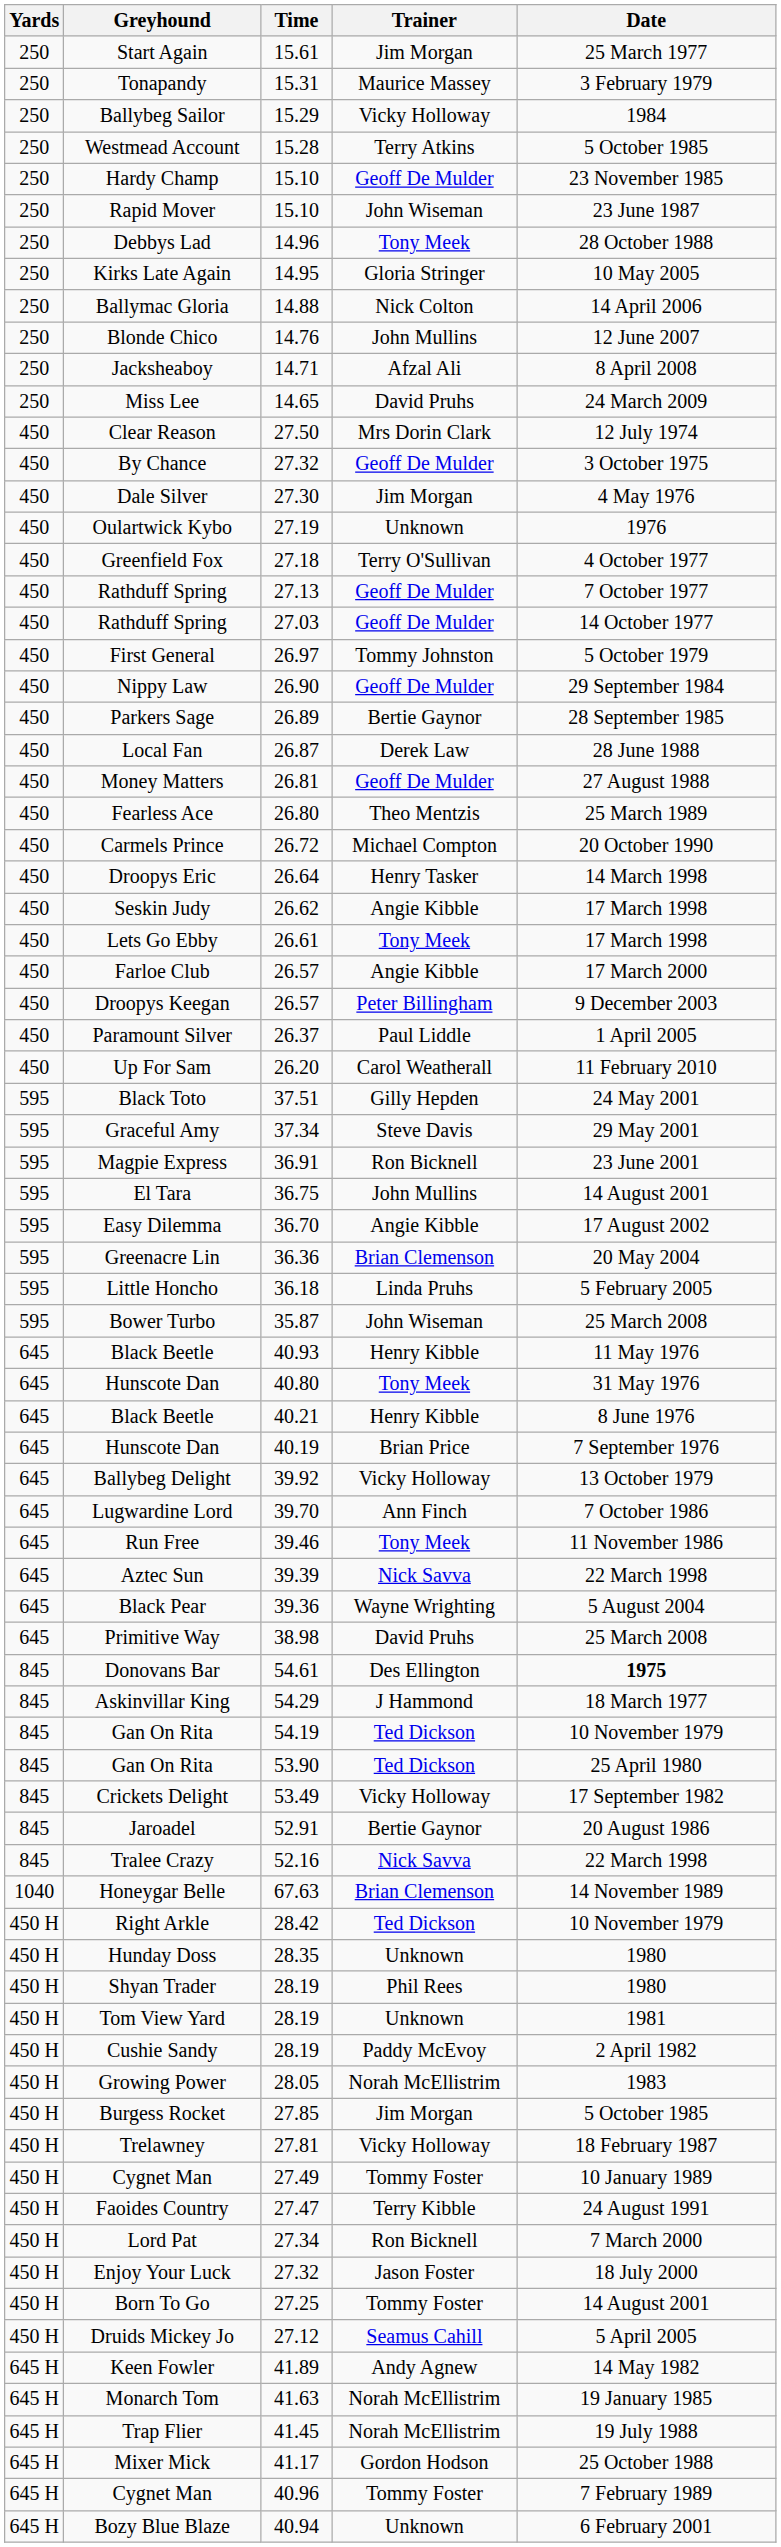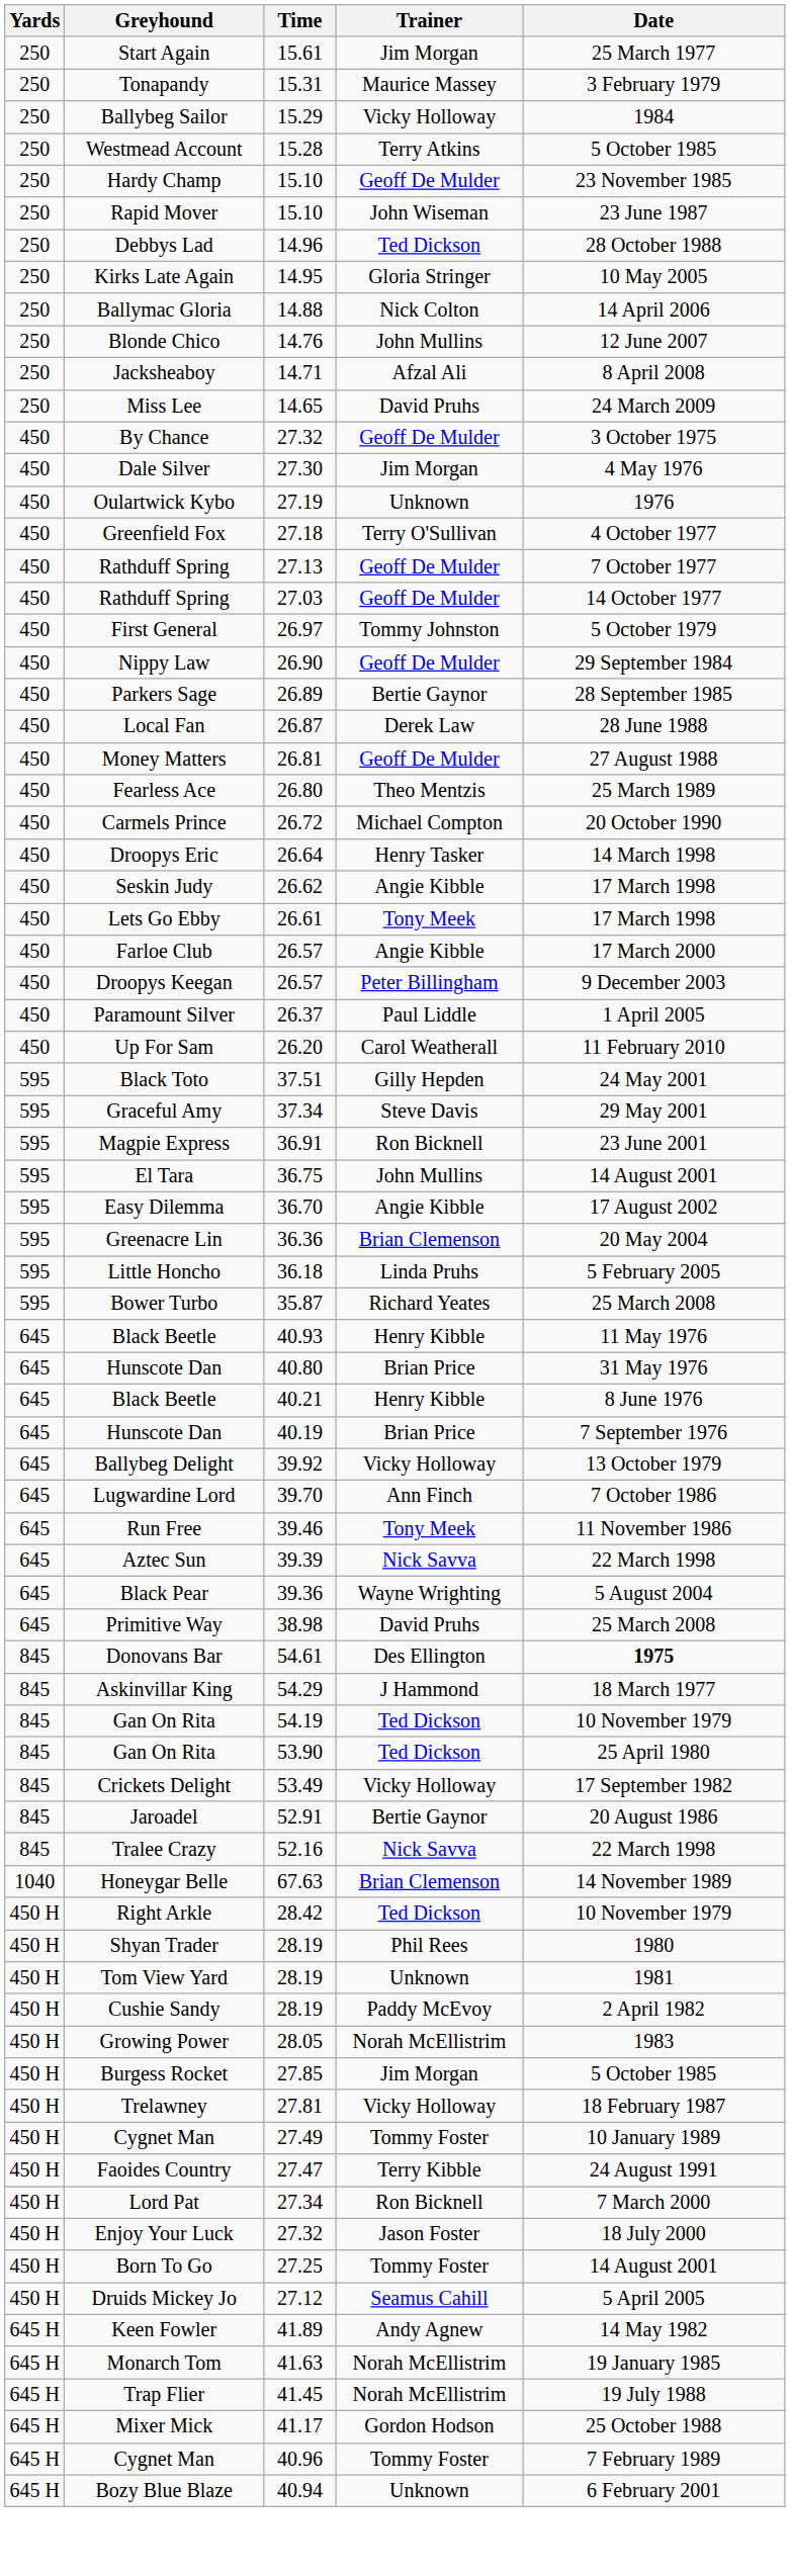 <table class="wikitable style=text-align:center">
 <tr>
 <th width=40>Yards</th>
 <th width=150>Greyhound</th>
 <th width=50>Time</th>
 <th width=140>Trainer</th>
 <th width=200>Date</th>
 </tr>
 <tr align=center>
 <td>250</td>
 <td>Start Again</td>
 <td>15.61</td>
 <td>Jim Morgan</td>
 <td>25 March 1977</td>
 </tr>
 <tr align=center>
 <td>250</td>
 <td>Tonapandy</td>
 <td>15.31</td>
 <td>Maurice Massey</td>
 <td>3 February 1979</td>
 </tr>
 <tr align=center>
 <td>250</td>
 <td>Ballybeg Sailor</td>
 <td>15.29</td>
 <td>Vicky Holloway</td>
 <td>1984</td>
 </tr>
 <tr align=center>
 <td>250</td>
 <td>Westmead Account</td>
 <td>15.28</td>
 <td>Terry Atkins</td>
 <td>5 October 1985</td>
 </tr>
 <tr align=center>
 <td>250</td>
 <td>Hardy Champ</td>
 <td>15.10</td>
 <td><a href='#'>Geoff De Mulder</a></td>
 <td>23 November 1985</td>
 </tr>
 <tr align=center>
 <td>250</td>
 <td>Rapid Mover</td>
 <td>15.10</td>
 <td>John Wiseman</td>
 <td>23 June 1987</td>
 </tr>
 <tr align=center>
 <td>250</td>
 <td>Debbys Lad</td>
 <td>14.96</td>
-<td><a href='#'>Tony Meek</a></td>
+<td><a href='#'>Ted Dickson</a></td>
 <td>28 October 1988</td>
 </tr>
 <tr align=center>
 <td>250</td>
 <td>Kirks Late Again</td>
 <td>14.95</td>
 <td>Gloria Stringer</td>
 <td>10 May 2005</td>
 </tr>
 <tr align=center>
 <td>250</td>
 <td>Ballymac Gloria</td>
 <td>14.88</td>
 <td>Nick Colton</td>
 <td>14 April 2006</td>
 </tr>
 <tr align=center>
 <td>250</td>
 <td>Blonde Chico</td>
 <td>14.76</td>
 <td>John Mullins</td>
 <td>12 June 2007</td>
 </tr>
 <tr align=center>
 <td>250</td>
 <td>Jacksheaboy</td>
 <td>14.71</td>
 <td>Afzal Ali</td>
 <td>8 April 2008</td>
 </tr>
 <tr align=center>
 <td>250</td>
 <td>Miss Lee</td>
 <td>14.65</td>
 <td>David Pruhs</td>
 <td>24 March 2009</td>
-</tr>
-<tr align=center>
-<td>450</td>
-<td>Clear Reason</td>
-<td>27.50</td>
-<td>Mrs Dorin Clark</td>
-<td>12 July 1974</td>
 </tr>
 <tr align=center>
 <td>450</td>
 <td>By Chance</td>
 <td>27.32</td>
 <td><a href='#'>Geoff De Mulder</a></td>
 <td>3 October 1975</td>
 </tr>
 <tr align=center>
 <td>450</td>
 <td>Dale Silver</td>
 <td>27.30</td>
 <td>Jim Morgan</td>
 <td>4 May 1976</td>
 </tr>
 <tr align=center>
 <td>450</td>
 <td>Oulartwick Kybo</td>
 <td>27.19</td>
 <td>Unknown</td>
 <td>1976</td>
 </tr>
 <tr align=center>
 <td>450</td>
 <td>Greenfield Fox</td>
 <td>27.18</td>
 <td>Terry O'Sullivan</td>
 <td>4 October 1977</td>
 </tr>
 <tr align=center>
 <td>450</td>
 <td>Rathduff Spring</td>
 <td>27.13</td>
 <td><a href='#'>Geoff De Mulder</a></td>
 <td>7 October 1977</td>
 </tr>
 <tr align=center>
 <td>450</td>
 <td>Rathduff Spring</td>
 <td>27.03</td>
 <td><a href='#'>Geoff De Mulder</a></td>
 <td>14 October 1977</td>
 </tr>
 <tr align=center>
 <td>450</td>
 <td>First General</td>
 <td>26.97</td>
 <td>Tommy Johnston</td>
 <td>5 October 1979</td>
 </tr>
 <tr align=center>
 <td>450</td>
 <td>Nippy Law</td>
 <td>26.90</td>
 <td><a href='#'>Geoff De Mulder</a></td>
 <td>29 September 1984</td>
 </tr>
 <tr align=center>
 <td>450</td>
 <td>Parkers Sage</td>
 <td>26.89</td>
 <td>Bertie Gaynor</td>
 <td>28 September 1985</td>
 </tr>
 <tr align=center>
 <td>450</td>
 <td>Local Fan</td>
 <td>26.87</td>
 <td>Derek Law</td>
 <td>28 June 1988</td>
 </tr>
 <tr align=center>
 <td>450</td>
 <td>Money Matters</td>
 <td>26.81</td>
 <td><a href='#'>Geoff De Mulder</a></td>
 <td>27 August 1988</td>
 </tr>
 <tr align=center>
 <td>450</td>
 <td>Fearless Ace</td>
 <td>26.80</td>
 <td>Theo Mentzis</td>
 <td>25 March 1989</td>
 </tr>
 <tr align=center>
 <td>450</td>
 <td>Carmels Prince</td>
 <td>26.72</td>
 <td>Michael Compton</td>
 <td>20 October 1990</td>
 </tr>
 <tr align=center>
 <td>450</td>
 <td>Droopys Eric</td>
 <td>26.64</td>
 <td>Henry Tasker</td>
 <td>14 March 1998</td>
 </tr>
 <tr align=center>
 <td>450</td>
 <td>Seskin Judy</td>
 <td>26.62</td>
 <td>Angie Kibble</td>
 <td>17 March 1998</td>
 </tr>
 <tr align=center>
 <td>450</td>
 <td>Lets Go Ebby</td>
 <td>26.61</td>
 <td><a href='#'>Tony Meek</a></td>
 <td>17 March 1998</td>
 </tr>
 <tr align=center>
 <td>450</td>
 <td>Farloe Club</td>
 <td>26.57</td>
 <td>Angie Kibble</td>
 <td>17 March 2000</td>
 </tr>
 <tr align=center>
 <td>450</td>
 <td>Droopys Keegan</td>
 <td>26.57</td>
 <td><a href='#'>Peter Billingham</a></td>
 <td>9 December 2003</td>
 </tr>
 <tr align=center>
 <td>450</td>
 <td>Paramount Silver</td>
 <td>26.37</td>
 <td>Paul Liddle</td>
 <td>1 April 2005</td>
 </tr>
 <tr align=center>
 <td>450</td>
 <td>Up For Sam</td>
 <td>26.20</td>
 <td>Carol Weatherall</td>
 <td>11 February 2010</td>
 </tr>
 <tr align=center>
 <td>595</td>
 <td>Black Toto</td>
 <td>37.51</td>
 <td>Gilly Hepden</td>
 <td>24 May 2001</td>
 </tr>
 <tr align=center>
 <td>595</td>
 <td>Graceful Amy</td>
 <td>37.34</td>
 <td>Steve Davis</td>
 <td>29 May 2001</td>
 </tr>
 <tr align=center>
 <td>595</td>
 <td>Magpie Express</td>
 <td>36.91</td>
 <td>Ron Bicknell</td>
 <td>23 June 2001</td>
 </tr>
 <tr align=center>
 <td>595</td>
 <td>El Tara</td>
 <td>36.75</td>
 <td>John Mullins</td>
 <td>14 August 2001</td>
 </tr>
 <tr align=center>
 <td>595</td>
 <td>Easy Dilemma</td>
 <td>36.70</td>
 <td>Angie Kibble</td>
 <td>17 August 2002</td>
 </tr>
 <tr align=center>
 <td>595</td>
 <td>Greenacre Lin</td>
 <td>36.36</td>
 <td><a href='#'>Brian Clemenson</a></td>
 <td>20 May 2004</td>
 </tr>
 <tr align=center>
 <td>595</td>
 <td>Little Honcho</td>
 <td>36.18</td>
 <td>Linda Pruhs</td>
 <td>5 February 2005</td>
 </tr>
 <tr align=center>
 <td>595</td>
 <td>Bower Turbo</td>
 <td>35.87</td>
-<td>John Wiseman</td>
+<td>Richard Yeates</td>
 <td>25 March 2008</td>
 </tr>
 <tr align=center>
 <td>645</td>
 <td>Black Beetle</td>
 <td>40.93</td>
 <td>Henry Kibble</td>
 <td>11 May 1976</td>
 </tr>
 <tr align=center>
 <td>645</td>
 <td>Hunscote Dan</td>
 <td>40.80</td>
-<td><a href='#'>Tony Meek</a></td>
+<td>Brian Price</td>
 <td>31 May 1976</td>
 </tr>
 <tr align=center>
 <td>645</td>
 <td>Black Beetle</td>
 <td>40.21</td>
 <td>Henry Kibble</td>
 <td>8 June 1976</td>
 </tr>
 <tr align=center>
 <td>645</td>
 <td>Hunscote Dan</td>
 <td>40.19</td>
 <td>Brian Price</td>
 <td>7 September 1976</td>
 </tr>
 <tr align=center>
 <td>645</td>
 <td>Ballybeg Delight</td>
 <td>39.92</td>
 <td>Vicky Holloway</td>
 <td>13 October 1979</td>
 </tr>
 <tr align=center>
 <td>645</td>
 <td>Lugwardine Lord</td>
 <td>39.70</td>
 <td>Ann Finch</td>
 <td>7 October 1986</td>
 </tr>
 <tr align=center>
 <td>645</td>
 <td>Run Free</td>
 <td>39.46</td>
 <td><a href='#'>Tony Meek</a></td>
 <td>11 November 1986</td>
 </tr>
 <tr align=center>
 <td>645</td>
 <td>Aztec Sun</td>
 <td>39.39</td>
 <td><a href='#'>Nick Savva</a></td>
 <td>22 March 1998</td>
 </tr>
 <tr align=center>
 <td>645</td>
 <td>Black Pear</td>
 <td>39.36</td>
 <td>Wayne Wrighting</td>
 <td>5 August 2004</td>
 </tr>
 <tr align=center>
 <td>645</td>
 <td>Primitive Way</td>
 <td>38.98</td>
 <td>David Pruhs</td>
 <td>25 March 2008</td>
 </tr>
 <tr align=center>
 <td>845</td>
 <td>Donovans Bar</td>
 <td>54.61</td>
 <td>Des Ellington</td>
 <td><strong>1975</strong></td>
 </tr>
 <tr align=center>
 <td>845</td>
 <td>Askinvillar King</td>
 <td>54.29</td>
 <td>J Hammond</td>
 <td>18 March 1977</td>
 </tr>
 <tr align=center>
 <td>845</td>
 <td>Gan On Rita</td>
 <td>54.19</td>
 <td><a href='#'>Ted Dickson</a></td>
 <td>10 November 1979</td>
 </tr>
 <tr align=center>
 <td>845</td>
 <td>Gan On Rita</td>
 <td>53.90</td>
 <td><a href='#'>Ted Dickson</a></td>
 <td>25 April 1980</td>
 </tr>
 <tr align=center>
 <td>845</td>
 <td>Crickets Delight</td>
 <td>53.49</td>
 <td>Vicky Holloway</td>
 <td>17 September 1982</td>
 </tr>
 <tr align=center>
 <td>845</td>
 <td>Jaroadel</td>
 <td>52.91</td>
 <td>Bertie Gaynor</td>
 <td>20 August 1986</td>
 </tr>
 <tr align=center>
 <td>845</td>
 <td>Tralee Crazy</td>
 <td>52.16</td>
 <td><a href='#'>Nick Savva</a></td>
 <td>22 March 1998</td>
 </tr>
 <tr align=center>
 <td>1040</td>
 <td>Honeygar Belle</td>
 <td>67.63</td>
 <td><a href='#'>Brian Clemenson</a></td>
 <td>14 November 1989</td>
 </tr>
 <tr align=center>
 <td>450 H</td>
 <td>Right Arkle</td>
 <td>28.42</td>
 <td><a href='#'>Ted Dickson</a></td>
 <td>10 November 1979</td>
-</tr>
-<tr align=center>
-<td>450 H</td>
-<td>Hunday Doss</td>
-<td>28.35</td>
-<td>Unknown</td>
-<td>1980</td>
 </tr>
 <tr align=center>
 <td>450 H</td>
 <td>Shyan Trader</td>
 <td>28.19</td>
 <td>Phil Rees</td>
 <td>1980</td>
 </tr>
 <tr align=center>
 <td>450 H</td>
 <td>Tom View Yard</td>
 <td>28.19</td>
 <td>Unknown</td>
 <td>1981</td>
 </tr>
 <tr align=center>
 <td>450 H</td>
 <td>Cushie Sandy</td>
 <td>28.19</td>
 <td>Paddy McEvoy</td>
 <td>2 April 1982</td>
 </tr>
 <tr align=center>
 <td>450 H</td>
 <td>Growing Power</td>
 <td>28.05</td>
 <td>Norah McEllistrim</td>
 <td>1983</td>
 </tr>
 <tr align=center>
 <td>450 H</td>
 <td>Burgess Rocket</td>
 <td>27.85</td>
 <td>Jim Morgan</td>
 <td>5 October 1985</td>
 </tr>
 <tr align=center>
 <td>450 H</td>
 <td>Trelawney</td>
 <td>27.81</td>
 <td>Vicky Holloway</td>
 <td>18 February 1987</td>
 </tr>
 <tr align=center>
 <td>450 H</td>
 <td>Cygnet Man</td>
 <td>27.49</td>
 <td>Tommy Foster</td>
 <td>10 January 1989</td>
 </tr>
 <tr align=center>
 <td>450 H</td>
 <td>Faoides Country</td>
 <td>27.47</td>
 <td>Terry Kibble</td>
 <td>24 August 1991</td>
 </tr>
 <tr align=center>
 <td>450 H</td>
 <td>Lord Pat</td>
 <td>27.34</td>
 <td>Ron Bicknell</td>
 <td>7 March 2000</td>
 </tr>
 <tr align=center>
 <td>450 H</td>
 <td>Enjoy Your Luck</td>
 <td>27.32</td>
 <td>Jason Foster</td>
 <td>18 July 2000</td>
 </tr>
 <tr align=center>
 <td>450 H</td>
 <td>Born To Go</td>
 <td>27.25</td>
 <td>Tommy Foster</td>
 <td>14 August 2001</td>
 </tr>
 <tr align=center>
 <td>450 H</td>
 <td>Druids Mickey Jo</td>
 <td>27.12</td>
 <td><a href='#'>Seamus Cahill</a></td>
 <td>5 April 2005</td>
 </tr>
 <tr align=center>
 <td>645 H</td>
 <td>Keen Fowler</td>
 <td>41.89</td>
 <td>Andy Agnew</td>
 <td>14 May 1982</td>
 </tr>
 <tr align=center>
 <td>645 H</td>
 <td>Monarch Tom</td>
 <td>41.63</td>
 <td>Norah McEllistrim</td>
 <td>19 January 1985</td>
 </tr>
 <tr align=center>
 <td>645 H</td>
 <td>Trap Flier</td>
 <td>41.45</td>
 <td>Norah McEllistrim</td>
 <td>19 July 1988</td>
 </tr>
 <tr align=center>
 <td>645 H</td>
 <td>Mixer Mick</td>
 <td>41.17</td>
 <td>Gordon Hodson</td>
 <td>25 October 1988</td>
 </tr>
 <tr align=center>
 <td>645 H</td>
 <td>Cygnet Man</td>
 <td>40.96</td>
 <td>Tommy Foster</td>
 <td>7 February 1989</td>
 </tr>
 <tr align=center>
 <td>645 H</td>
 <td>Bozy Blue Blaze</td>
 <td>40.94</td>
 <td>Unknown</td>
 <td>6 February 2001</td>
 </tr>
 </table>
